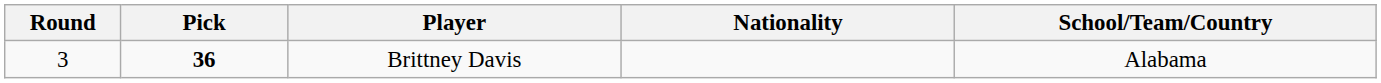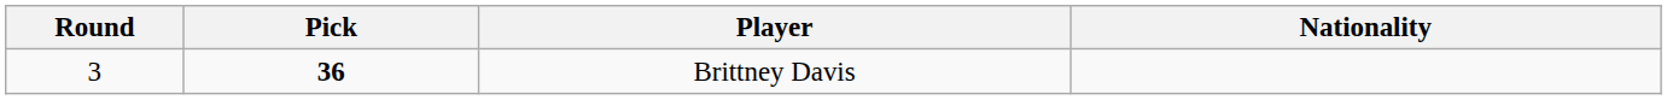 <table class="wikitable" style="text-align:center; width:60em">
 <tr>
 <th width="2%">Round</th>
 <th width="5%">Pick</th>
 <th width="10%">Player</th>
 <th width="10%">Nationality</th>
-<th width="10%">School/Team/Country</th>
 </tr>
 <tr>
 <td>3</td>
 <td><strong>36</strong></td>
 <td>Brittney Davis</td>
 <td></td>
-<td>Alabama</td>
 </tr>
 </table>
